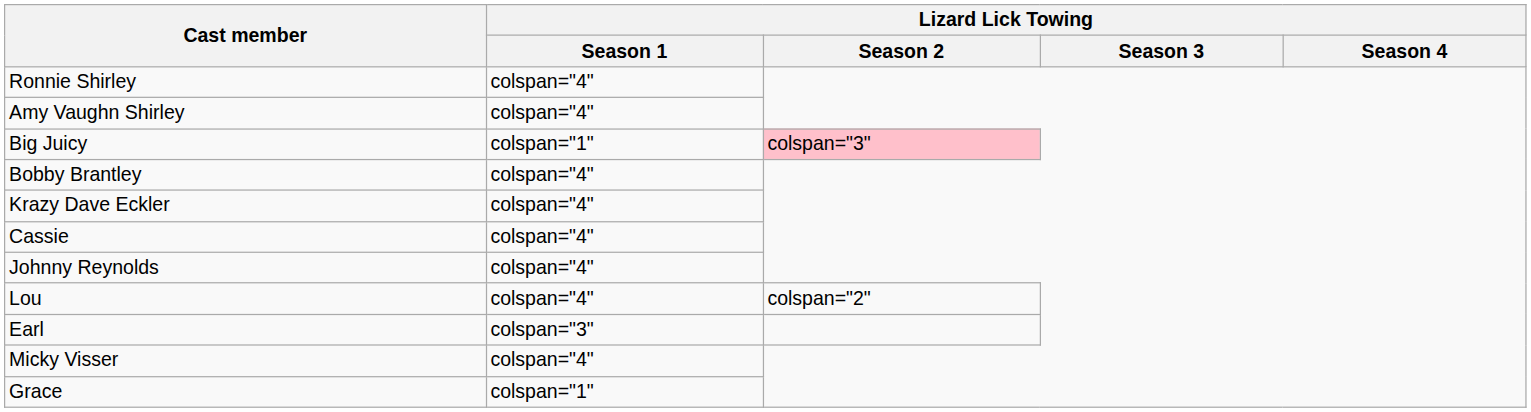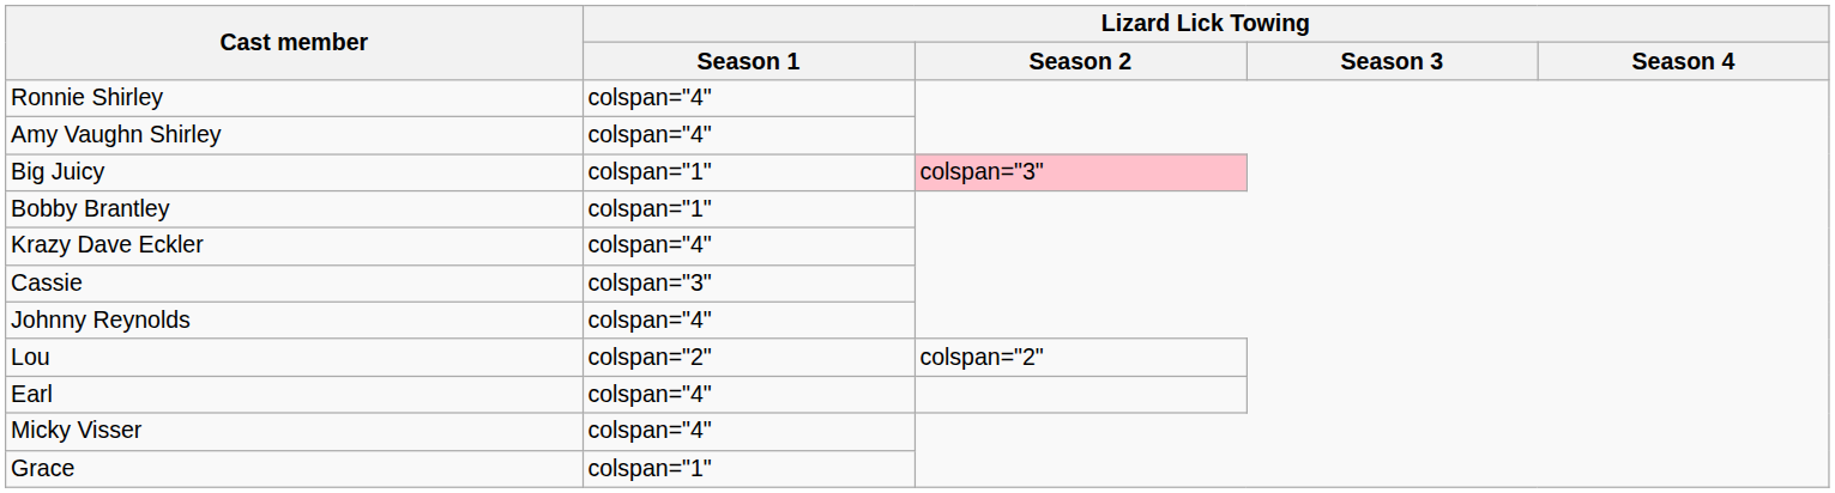 <table class="wikitable">
 <tr>
 <th style="width:10%;" rowspan="2">Cast member</th>
 <th colspan="4">Lizard Lick Towing</th>
 </tr>
 <tr>
 <th style="width:5%;">Season 1</th>
 <th style="width:5%;">Season 2</th>
 <th style="width:5%;">Season 3</th>
 <th style="width:5%;">Season 4</th>
 </tr>
 <tr>
 <td>Ronnie Shirley</td>
 <td>colspan="4" </td>
 </tr>
 <tr>
 <td>Amy Vaughn Shirley</td>
 <td>colspan="4" </td>
 </tr>
 <tr>
 <td>Big Juicy</td>
 <td>colspan="1" </td>
 <td style="background: pink;">colspan="3" </td>
 </tr>
 <tr>
 <td>Bobby Brantley</td>
-<td>colspan="4" </td>
+<td>colspan="1" </td>
 </tr>
 <tr>
 <td>Krazy Dave Eckler</td>
 <td>colspan="4" </td>
 </tr>
 <tr>
 <td>Cassie</td>
-<td>colspan="4" </td>
+<td>colspan="3" </td>
 </tr>
 <tr>
 <td>Johnny Reynolds</td>
 <td>colspan="4" </td>
 </tr>
 <tr>
 <td>Lou</td>
-<td>colspan="4" </td>
+<td>colspan="2" </td>
 <td>colspan="2" </td>
 </tr>
 <tr>
 <td>Earl</td>
-<td>colspan="3" </td>
+<td>colspan="4" </td>
 <td></td>
 </tr>
 <tr>
 <td>Micky Visser</td>
 <td>colspan="4" </td>
 </tr>
 <tr>
 <td>Grace</td>
 <td>colspan="1" </td>
 </tr>
 </table>
